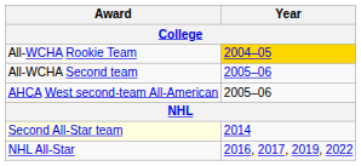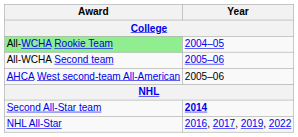 <table class="wikitable">
 <tr>
 <th>Award</th>
 <th>Year</th>
 </tr>
 <tr>
 <th colspan="3"><a href='#'>College</a></th>
 </tr>
 <tr>
-<td>All-<a href='#'>WCHA</a> <a href='#'>Rookie Team</a></td>
-<td style="background: gold;"><a href='#'>2004–05</a></td>
+<td style="background: lightgreen;">All-<a href='#'>WCHA</a> <a href='#'>Rookie Team</a></td>
+<td><a href='#'>2004–05</a></td>
 </tr>
 <tr>
 <td>All-WCHA <a href='#'>Second team</a></td>
 <td><a href='#'>2005–06</a></td>
 </tr>
 <tr>
 <td><a href='#'>AHCA</a> <a href='#'>West second-team All-American</a></td>
 <td>2005–06</td>
 </tr>
 <tr>
 <th colspan="3"><a href='#'>NHL</a></th>
 </tr>
 <tr>
-<td style="background: lightyellow;"><a href='#'>Second All-Star team</a></td>
-<td><a href='#'>2014</a></td>
+<td><a href='#'>Second All-Star team</a></td>
+<td><strong><a href='#'>2014</a></strong></td>
 </tr>
 <tr>
 <td><a href='#'>NHL All-Star</a></td>
 <td><a href='#'>2016</a>, <a href='#'>2017</a>, <a href='#'>2019</a>, <a href='#'>2022</a></td>
 </tr>
 </table>
